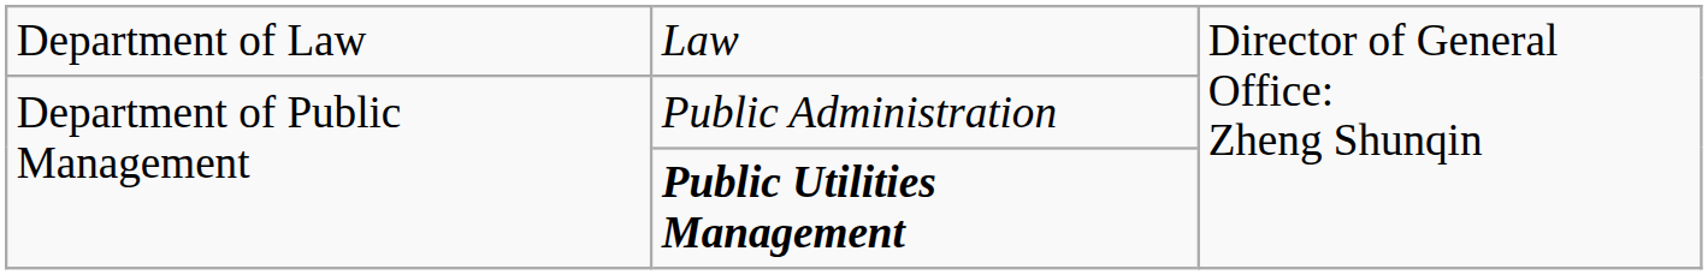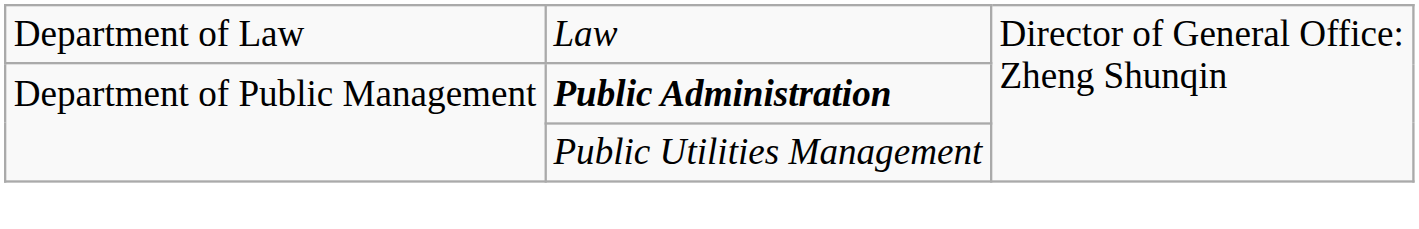 <table class="wikitable">
 <tr valign="top">
 <td>Department of Law</td>
 <td><em>Law</em></td>
 <td rowspan="3">Director of General Office:<br>Zheng Shunqin</td>
 </tr>
 <tr valign="top">
 <td rowspan="2">Department of Public Management</td>
-<td><em>Public Administration</em></td>
+<td><strong><em>Public Administration</em></strong></td>
 </tr>
 <tr valign="top">
-<td><strong><em>Public Utilities Management</em></strong></td>
+<td><em>Public Utilities Management</em></td>
 </tr>
 </table>
